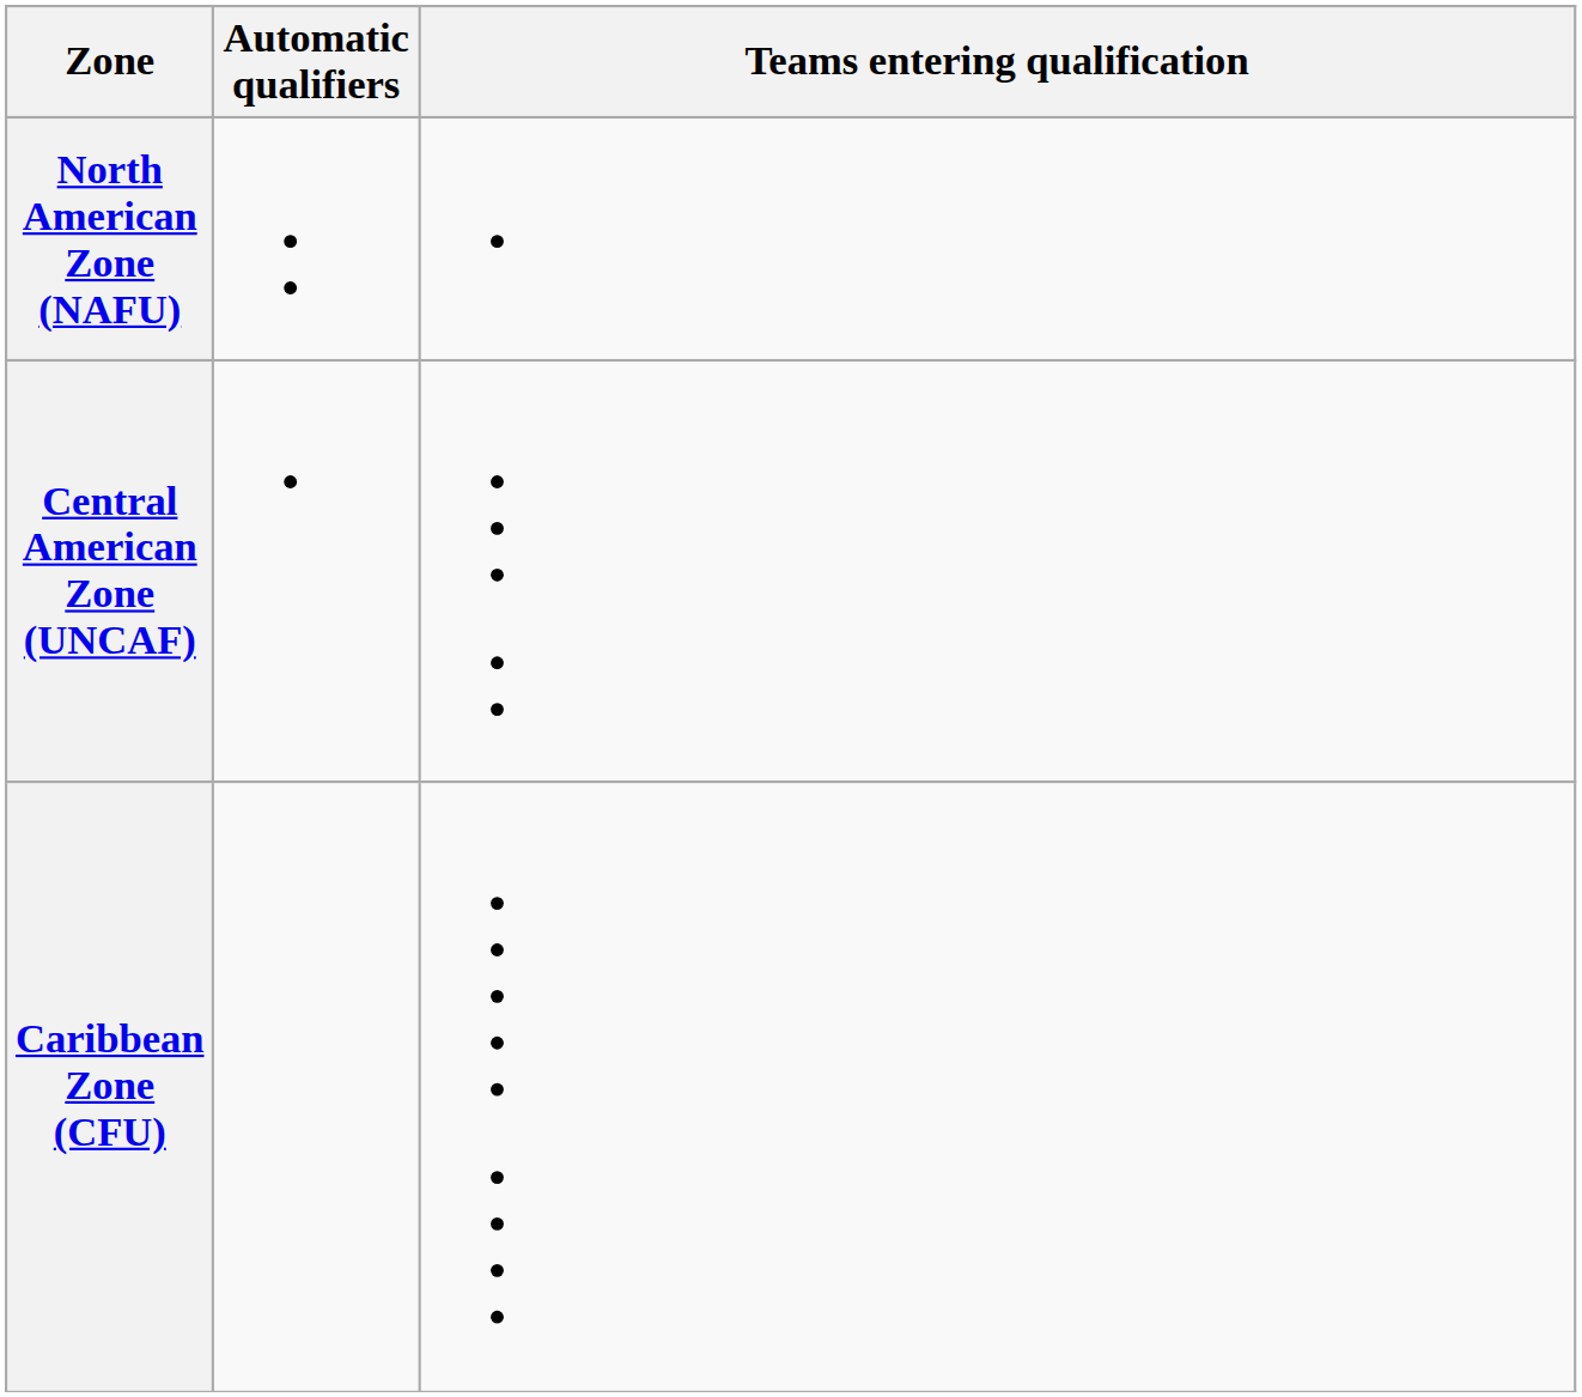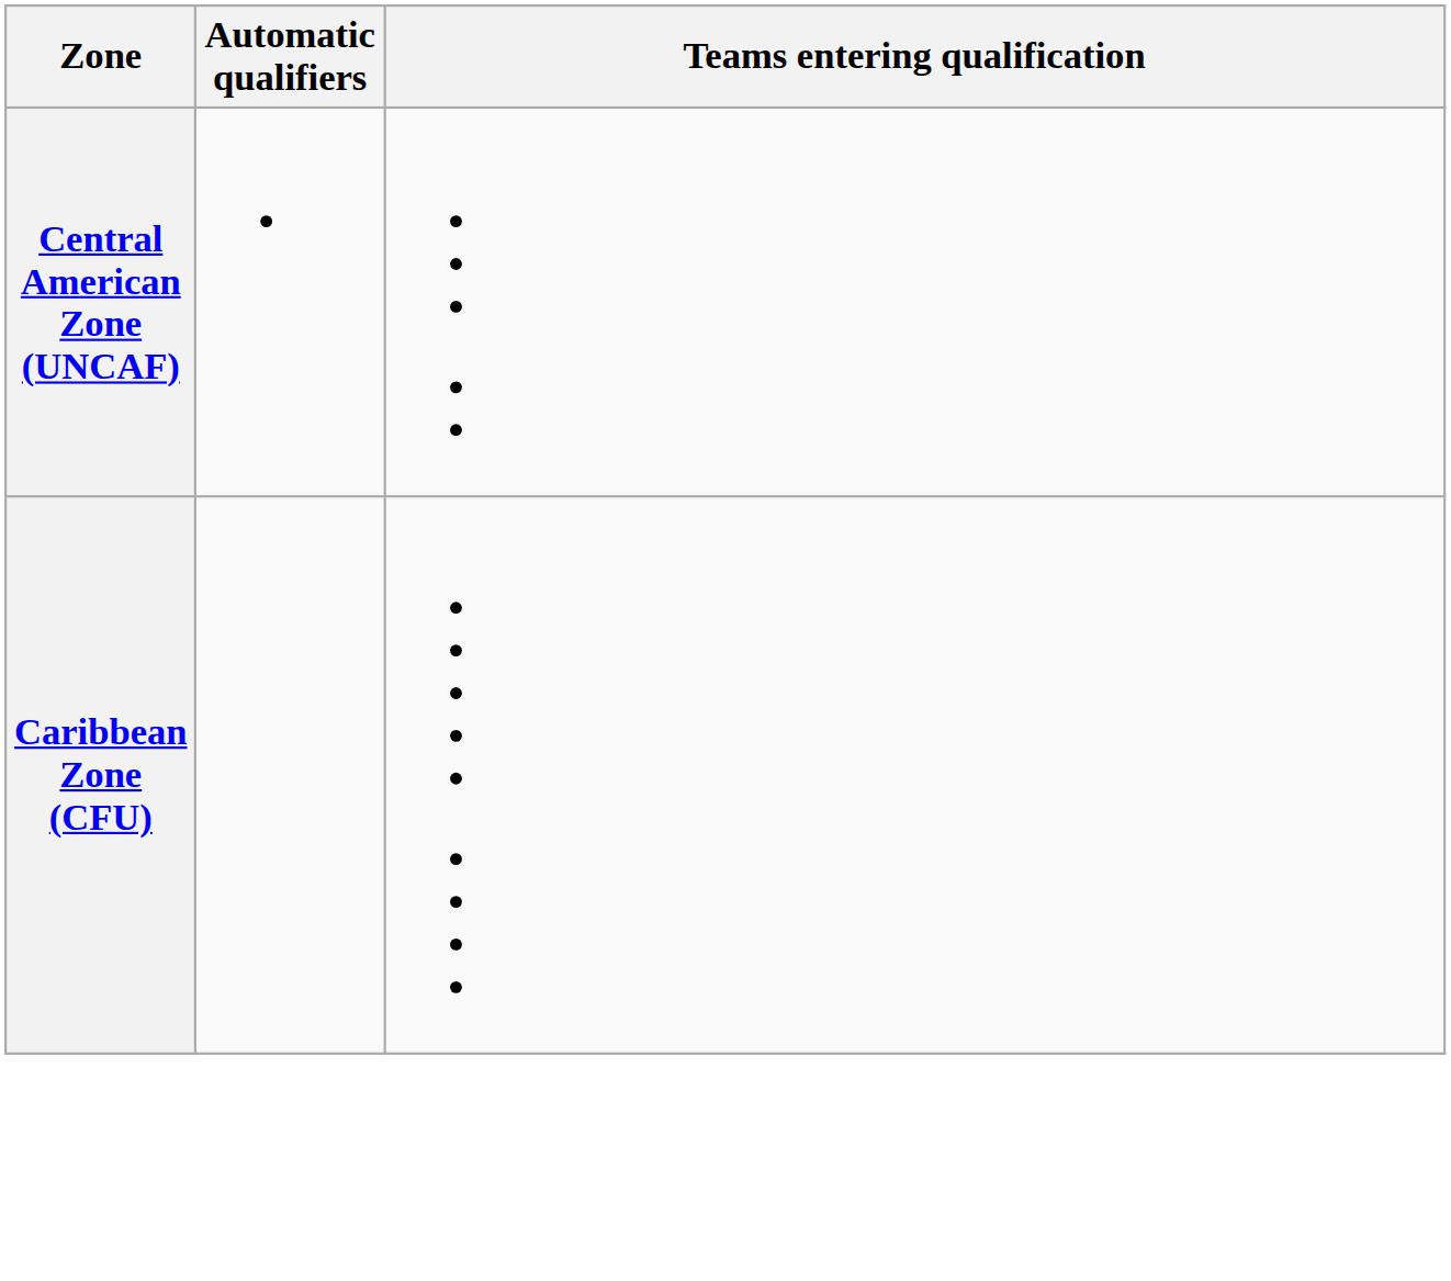 <table class="wikitable">
 <tr>
 <th>Zone</th>
 <th>Automatic qualifiers</th>
 <th width=650>Teams entering qualification</th>
-</tr>
-<tr>
-<th><a href='#'>North American Zone<br>(NAFU)</a></th>
-<td valign=top><br><ul><li><strong></strong></li><li><strong></strong></li></ul></td>
-<td valign=top><br><ul><li><strong></strong></li></ul></td>
 </tr>
 <tr>
 <th><a href='#'>Central American Zone<br>(UNCAF)</a></th>
 <td valign=top><br><ul><li><strong></strong></li></ul></td>
 <td valign=top><br> <ul><li></li><li></li><li></li></ul><ul><li></li><li><strong></strong></li></ul></td>
 </tr>
 <tr>
 <th><a href='#'>Caribbean Zone<br>(CFU)</a></th>
 <td valign=top></td>
 <td valign=top><br> <ul><li></li><li><s></s></li><li></li><li><strong></strong></li><li><strong></strong></li></ul><ul><li><s></s></li><li></li><li><strong></strong></li><li><s></s></li></ul></td>
 </tr>
 </table>
